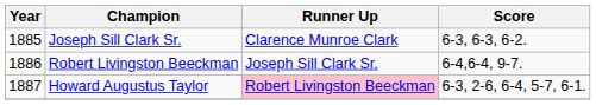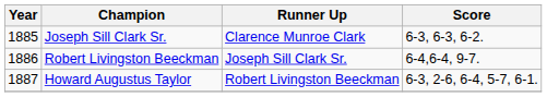 <table class="wikitable sortable">
 <tr>
 <th>Year</th>
 <th>Champion</th>
 <th>Runner Up</th>
 <th class="unsortable">Score</th>
 </tr>
 <tr>
 <td>1885 </td>
 <td> <a href='#'>Joseph Sill Clark Sr.</a></td>
 <td> <a href='#'>Clarence Munroe Clark</a></td>
 <td>6-3, 6-3, 6-2.</td>
 </tr>
 <tr>
 <td>1886 </td>
 <td> <a href='#'>Robert Livingston Beeckman</a></td>
 <td> <a href='#'>Joseph Sill Clark Sr.</a></td>
 <td>6-4,6-4, 9-7.</td>
 </tr>
 <tr>
 <td>1887</td>
 <td> <a href='#'>Howard Augustus Taylor</a></td>
-<td style="background: pink;"> <a href='#'>Robert Livingston Beeckman</a></td>
+<td> <a href='#'>Robert Livingston Beeckman</a></td>
 <td>6-3, 2-6, 6-4, 5-7, 6-1.</td>
 </tr>
 <tr>
 </tr>
 </table>
